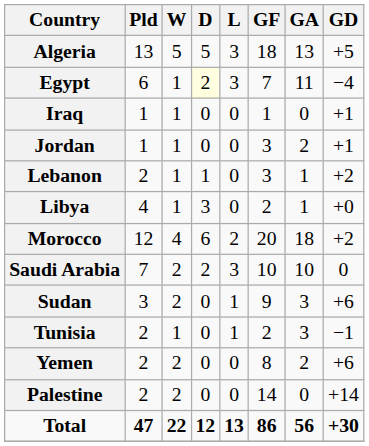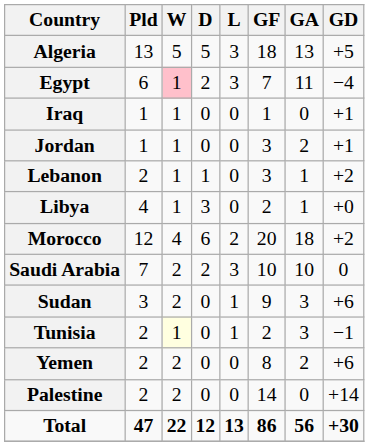 <table class="wikitable plainrowheaders sortable" style="text-align:center">
 <tr>
 <th scope=col>Country</th>
 <th scope=col>Pld</th>
 <th scope=col>W</th>
 <th scope=col>D</th>
 <th scope=col>L</th>
 <th scope=col>GF</th>
 <th scope=col>GA</th>
 <th scope=col>GD</th>
 </tr>
 <tr>
 <th scope=row> Algeria</th>
 <td>13</td>
 <td>5</td>
 <td>5</td>
 <td>3</td>
 <td>18</td>
 <td>13</td>
 <td>+5</td>
 </tr>
 <tr>
 <th scope=row> Egypt</th>
 <td>6</td>
-<td>1</td>
-<td style="background: lightyellow;">2</td>
+<td style="background: pink;">1</td>
+<td>2</td>
 <td>3</td>
 <td>7</td>
 <td>11</td>
 <td>−4</td>
 </tr>
 <tr>
 <th scope=row> Iraq</th>
 <td>1</td>
 <td>1</td>
 <td>0</td>
 <td>0</td>
 <td>1</td>
 <td>0</td>
 <td>+1</td>
 </tr>
 <tr>
 <th scope=row> Jordan</th>
 <td>1</td>
 <td>1</td>
 <td>0</td>
 <td>0</td>
 <td>3</td>
 <td>2</td>
 <td>+1</td>
 </tr>
 <tr>
 <th scope=row> Lebanon</th>
 <td>2</td>
 <td>1</td>
 <td>1</td>
 <td>0</td>
 <td>3</td>
 <td>1</td>
 <td>+2</td>
 </tr>
 <tr>
 <th scope=row> Libya</th>
 <td>4</td>
 <td>1</td>
 <td>3</td>
 <td>0</td>
 <td>2</td>
 <td>1</td>
 <td>+0</td>
 </tr>
 <tr>
 <th scope=row> Morocco</th>
 <td>12</td>
 <td>4</td>
 <td>6</td>
 <td>2</td>
 <td>20</td>
 <td>18</td>
 <td>+2</td>
 </tr>
 <tr>
 <th scope=row> Saudi Arabia</th>
 <td>7</td>
 <td>2</td>
 <td>2</td>
 <td>3</td>
 <td>10</td>
 <td>10</td>
 <td>0</td>
 </tr>
 <tr>
 <th scope=row> Sudan</th>
 <td>3</td>
 <td>2</td>
 <td>0</td>
 <td>1</td>
 <td>9</td>
 <td>3</td>
 <td>+6</td>
 </tr>
 <tr>
 <th scope=row> Tunisia</th>
 <td>2</td>
-<td>1</td>
+<td style="background: lightyellow;">1</td>
 <td>0</td>
 <td>1</td>
 <td>2</td>
 <td>3</td>
 <td>−1</td>
 </tr>
 <tr>
 <th scope=row> Yemen</th>
 <td>2</td>
 <td>2</td>
 <td>0</td>
 <td>0</td>
 <td>8</td>
 <td>2</td>
 <td>+6</td>
 </tr>
 <tr>
 <th scope=row> Palestine</th>
 <td>2</td>
 <td>2</td>
 <td>0</td>
 <td>0</td>
 <td>14</td>
 <td>0</td>
 <td>+14</td>
 </tr>
 <tr>
 <td align-"center"><strong>Total</strong></td>
 <td><strong>47</strong></td>
 <td><strong>22</strong></td>
 <td><strong>12</strong></td>
 <td><strong>13</strong></td>
 <td><strong>86</strong></td>
 <td><strong>56</strong></td>
 <td><strong>+30</strong></td>
 </tr>
 <tr>
 </tr>
 </table>
